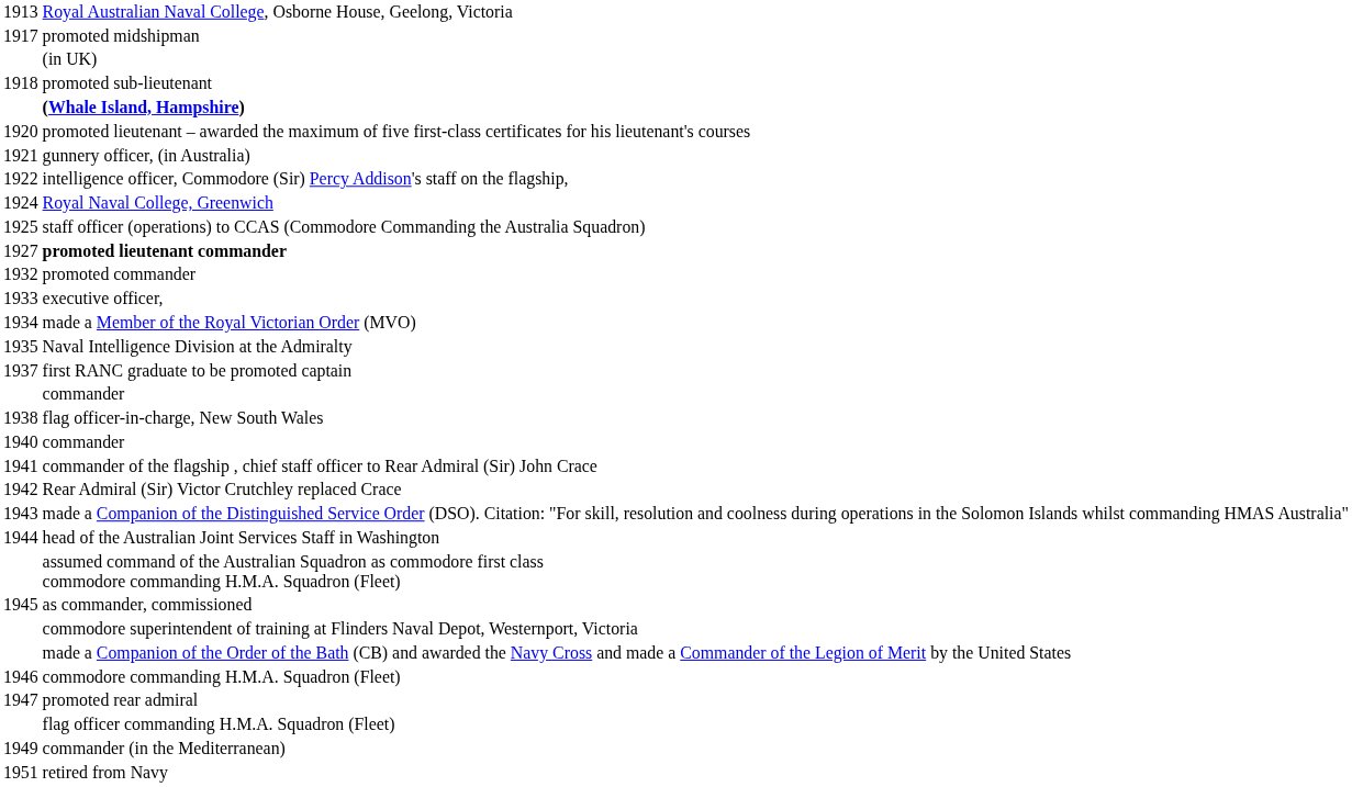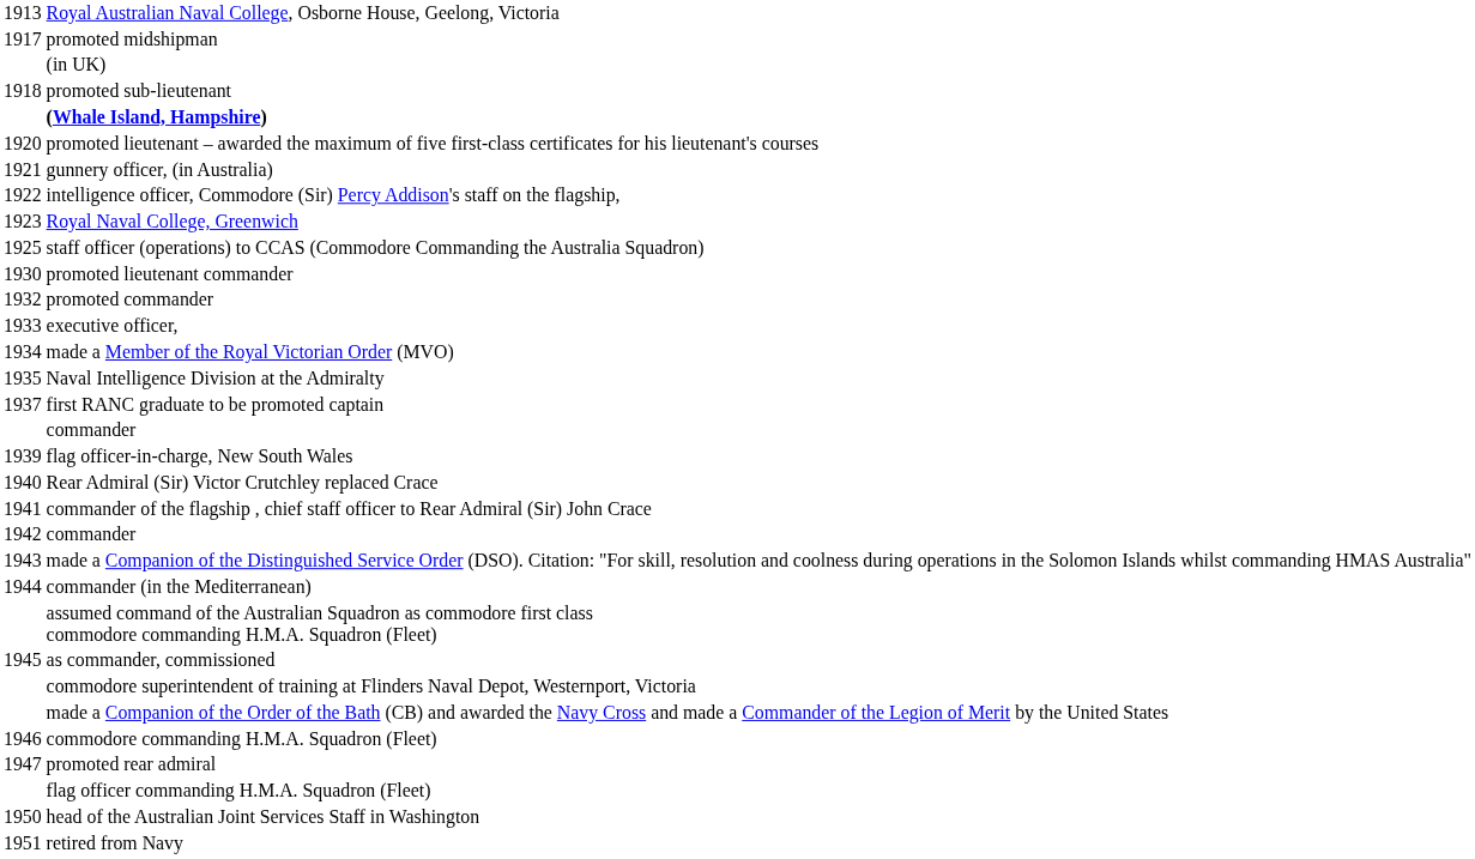 <table>
 <tr>
 <td>1913</td>
 <td><a href='#'>Royal Australian Naval College</a>, Osborne House, Geelong, Victoria</td>
 </tr>
 <tr>
 <td>1917</td>
 <td>promoted midshipman</td>
 </tr>
 <tr>
 <td></td>
 <td> (in UK)</td>
 </tr>
 <tr>
 <td>1918</td>
 <td>promoted sub-lieutenant</td>
 </tr>
 <tr>
 <td></td>
 <td><strong>  (<a href='#'>Whale Island, Hampshire</a>)</strong></td>
 </tr>
 <tr>
 <td>1920</td>
 <td>promoted lieutenant – awarded the maximum of five first-class certificates for his lieutenant's courses</td>
 </tr>
 <tr>
 <td>1921</td>
 <td>gunnery officer,   (in Australia)</td>
 </tr>
 <tr>
 <td>1922</td>
 <td>intelligence officer, Commodore (Sir) <a href='#'>Percy Addison</a>'s staff on the flagship, </td>
 </tr>
 <tr>
-<td>1924</td>
+<td>1923</td>
 <td><a href='#'>Royal Naval College, Greenwich</a></td>
 </tr>
 <tr>
 <td>1925</td>
 <td>staff officer (operations) to CCAS (Commodore Commanding the Australia Squadron)</td>
 </tr>
 <tr>
-<td>1927</td>
-<td><strong>promoted lieutenant commander</strong></td>
+<td>1930</td>
+<td>promoted lieutenant commander</td>
 </tr>
 <tr>
 <td>1932</td>
 <td>promoted commander</td>
 </tr>
 <tr>
 <td>1933</td>
 <td>executive officer, </td>
 </tr>
 <tr>
 <td>1934</td>
 <td>made a <a href='#'>Member of the Royal Victorian Order</a> (MVO)</td>
 </tr>
 <tr>
 <td>1935</td>
 <td>Naval Intelligence Division at the Admiralty</td>
 </tr>
 <tr>
 <td>1937</td>
 <td>first RANC graduate to be promoted captain</td>
 </tr>
 <tr>
 <td></td>
 <td>commander </td>
 </tr>
 <tr>
-<td>1938</td>
+<td>1939</td>
 <td>flag officer-in-charge, New South Wales</td>
 </tr>
 <tr>
 <td>1940</td>
-<td>commander </td>
+<td>Rear Admiral (Sir) Victor Crutchley replaced Crace</td>
 </tr>
 <tr>
 <td>1941</td>
 <td>commander of the flagship , chief staff officer to Rear Admiral (Sir) John Crace</td>
 </tr>
 <tr>
 <td>1942</td>
-<td>Rear Admiral (Sir) Victor Crutchley replaced Crace</td>
+<td>commander </td>
 </tr>
 <tr>
 <td>1943</td>
 <td>made a <a href='#'>Companion of the Distinguished Service Order</a> (DSO). Citation: "For skill, resolution and coolness during operations in the Solomon Islands whilst commanding HMAS Australia"</td>
 </tr>
 <tr>
 <td>1944</td>
-<td>head of the Australian Joint Services Staff in Washington</td>
+<td>commander  (in the Mediterranean)</td>
 </tr>
 <tr>
 <td></td>
 <td>assumed command of the Australian Squadron as commodore first class<br>commodore commanding H.M.A. Squadron (Fleet)</td>
 </tr>
 <tr>
 <td>1945</td>
 <td>as commander, commissioned </td>
 </tr>
 <tr>
 <td></td>
 <td>commodore superintendent of training at Flinders Naval Depot, Westernport, Victoria</td>
 </tr>
 <tr>
 <td></td>
 <td>made a <a href='#'>Companion of the Order of the Bath</a> (CB) and awarded the <a href='#'>Navy Cross</a> and made a <a href='#'>Commander of the Legion of Merit</a> by the United States</td>
 </tr>
 <tr>
 <td>1946</td>
 <td>commodore commanding H.M.A. Squadron (Fleet)</td>
 </tr>
 <tr>
 <td>1947</td>
 <td>promoted rear admiral</td>
 </tr>
 <tr>
 <td></td>
 <td>flag officer commanding H.M.A. Squadron (Fleet)</td>
 </tr>
 <tr>
-<td>1949</td>
-<td>commander  (in the Mediterranean)</td>
+<td>1950</td>
+<td>head of the Australian Joint Services Staff in Washington</td>
 </tr>
 <tr>
 <td>1951</td>
 <td>retired from Navy</td>
 </tr>
 </table>
